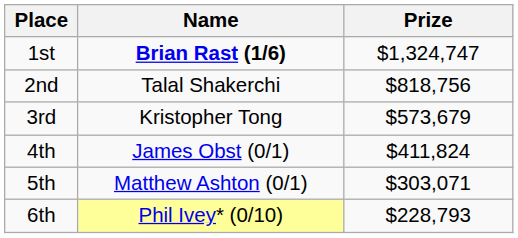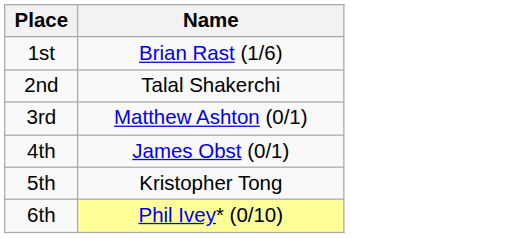 <table class="wikitable">
 <tr>
 <th width="50">Place</th>
 <th width="200">Name</th>
-<th width="125">Prize</th>
 </tr>
 <tr>
 <td align = "center">1st</td>
-<td align = "center"><strong> <a href='#'>Brian Rast</a> (1/6)</strong></td>
-<td align = "center">$1,324,747</td>
+<td align = "center"> <a href='#'>Brian Rast</a> (1/6)</td>
 </tr>
 <tr>
 <td align = "center">2nd</td>
 <td align = "center"> Talal Shakerchi</td>
-<td align = "center">$818,756</td>
 </tr>
 <tr>
 <td align = "center">3rd</td>
-<td align = "center"> Kristopher Tong</td>
-<td align = "center">$573,679</td>
+<td align = "center"> <a href='#'>Matthew Ashton</a> (0/1)</td>
 </tr>
 <tr>
 <td align = "center">4th</td>
 <td align = "center"> <a href='#'>James Obst</a> (0/1)</td>
-<td align = "center">$411,824</td>
 </tr>
 <tr>
 <td align = "center">5th</td>
-<td align = "center"> <a href='#'>Matthew Ashton</a> (0/1)</td>
-<td align = "center">$303,071</td>
+<td align = "center"> Kristopher Tong</td>
 </tr>
 <tr>
 <td align = "center">6th</td>
 <td align="center" style="background-color:#FFFF99;"> <a href='#'>Phil Ivey</a>* (0/10)</td>
-<td align = "center">$228,793</td>
 </tr>
 </table>
